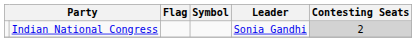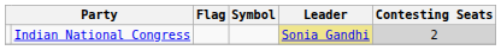 <table class="wikitable" style="text-align:center">
 <tr>
 <th colspan="2">Party</th>
 <th>Flag</th>
 <th>Symbol</th>
 <th>Leader</th>
 <th>Contesting Seats</th>
 </tr>
 <tr>
 <td></td>
 <td><a href='#'>Indian National Congress</a></td>
 <td></td>
 <td></td>
-<td><a href='#'>Sonia Gandhi</a></td>
+<td style="background: khaki;"><a href='#'>Sonia Gandhi</a></td>
 <td style="background: lightgrey;">2</td>
 </tr>
 <tr>
 </tr>
 </table>
